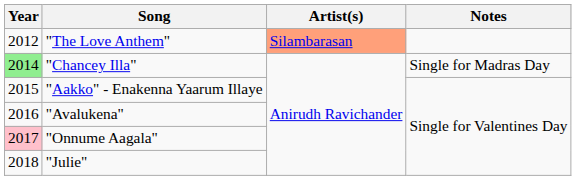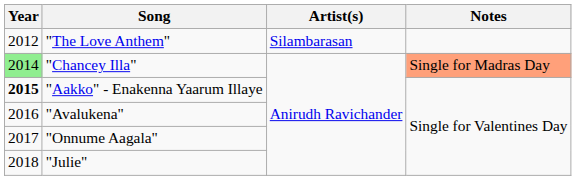 <table class="wikitable sortable" class="wikitable">
 <tr style="background:#ccc; text-align:center;">
 <th>Year</th>
 <th>Song</th>
 <th>Artist(s)</th>
 <th>Notes</th>
 </tr>
 <tr>
 <td>2012</td>
 <td>"<a href='#'>The Love Anthem</a>"</td>
-<td style="background: lightsalmon;"><a href='#'>Silambarasan</a></td>
+<td><a href='#'>Silambarasan</a></td>
 <td></td>
 </tr>
 <tr>
 <td style="background: lightgreen;">2014</td>
 <td>"<a href='#'>Chancey Illa</a>"</td>
 <td rowspan="5"><a href='#'>Anirudh Ravichander</a></td>
-<td>Single for Madras Day</td>
+<td style="background: lightsalmon;">Single for Madras Day</td>
 </tr>
 <tr>
-<td>2015</td>
+<td><strong>2015</strong></td>
 <td>"<a href='#'>Aakko</a>" - Enakenna Yaarum Illaye</td>
 <td rowspan="4">Single for Valentines Day</td>
 </tr>
 <tr>
 <td>2016</td>
 <td>"Avalukena"</td>
 </tr>
 <tr>
-<td style="background: pink;">2017</td>
+<td>2017</td>
 <td>"Onnume Aagala"</td>
 </tr>
 <tr>
 <td>2018</td>
 <td>"Julie"</td>
 </tr>
 </table>
